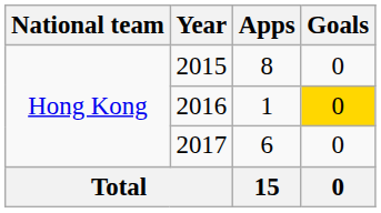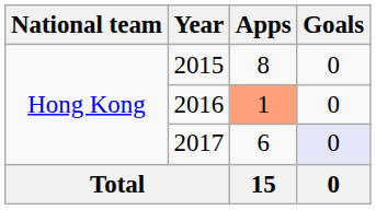 <table class="wikitable" style="text-align:center">
 <tr>
 <th>National team</th>
 <th>Year</th>
 <th>Apps</th>
 <th>Goals</th>
 </tr>
 <tr>
 <td rowspan="3"><a href='#'>Hong Kong</a></td>
 <td>2015</td>
 <td>8</td>
 <td>0</td>
 </tr>
 <tr>
 <td>2016</td>
-<td>1</td>
-<td style="background: gold;">0</td>
+<td style="background: lightsalmon;">1</td>
+<td>0</td>
 </tr>
 <tr>
 <td>2017</td>
 <td>6</td>
-<td>0</td>
+<td style="background: lavender;">0</td>
 </tr>
 <tr>
 <th colspan=2>Total</th>
 <th>15</th>
 <th>0</th>
 </tr>
 </table>
